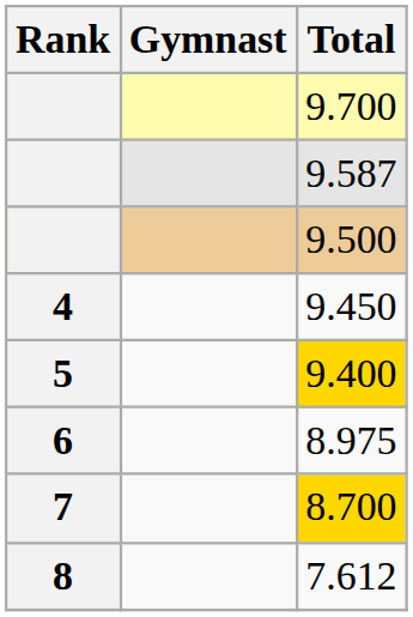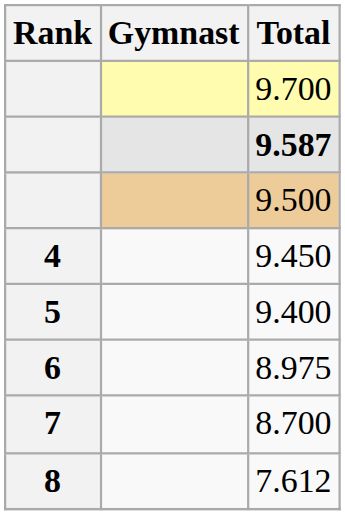 <table class="wikitable sortable" style="text-align:center; font-size:95%">
 <tr>
 <th scope=col>Rank</th>
 <th scope=col>Gymnast</th>
 <th scope=col>Total</th>
 </tr>
 <tr bgcolor=fffcaf>
 <th scope=row style="text-align:center"></th>
 <td align=left></td>
 <td>9.700</td>
 </tr>
 <tr bgcolor=e5e5e5>
 <th scope=row style="text-align:center"></th>
 <td align=left></td>
-<td>9.587</td>
+<td><strong>9.587</strong></td>
 </tr>
 <tr bgcolor=eecc99>
 <th scope=row style="text-align:center"></th>
 <td align=left></td>
 <td>9.500</td>
 </tr>
 <tr>
 <th scope=row style="text-align:center">4</th>
 <td align=left></td>
 <td>9.450</td>
 </tr>
 <tr>
 <th scope=row style="text-align:center">5</th>
 <td align=left></td>
-<td style="background: gold;">9.400</td>
+<td>9.400</td>
 </tr>
 <tr>
 <th scope=row style="text-align:center">6</th>
 <td align=left></td>
 <td>8.975</td>
 </tr>
 <tr>
 <th scope=row style="text-align:center">7</th>
 <td align=left></td>
-<td style="background: gold;">8.700</td>
+<td>8.700</td>
 </tr>
 <tr>
 <th scope=row style="text-align:center">8</th>
 <td align=left></td>
 <td>7.612</td>
 </tr>
 <tr>
 </tr>
 </table>
